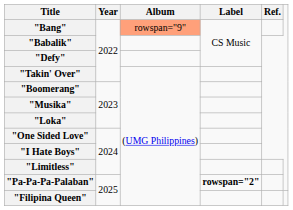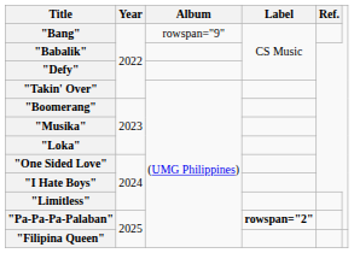 <table class="wikitable plainrowheaders" style="text-align:center;">
 <tr>
 <th scope="col" rowspan="1">Title</th>
 <th scope="col" rowspan="1">Year</th>
 <th scope="col" rowspan="1">Album</th>
 <th scope="col" rowspan="1">Label</th>
 <th scope="col" rowspan="1">Ref.</th>
 </tr>
 <tr>
 <th scope="row">"Bang"</th>
 <td rowspan="4">2022</td>
-<td style="background: lightsalmon;">rowspan="9"  </td>
+<td>rowspan="9"  </td>
 <td rowspan="3">CS Music</td>
 <td></td>
 </tr>
 <tr>
 <th scope="row">"Babalik"</th>
 <td></td>
 </tr>
 <tr>
 <th scope="row">"Defy"</th>
 <td></td>
 </tr>
 <tr>
 <th scope="row">"Takin' Over"</th>
 <td rowspan="9"><br>(<a href='#'>UMG Philippines</a>)</td>
 <td></td>
 </tr>
 <tr>
 <th scope="row">"Boomerang"</th>
 <td rowspan="3">2023</td>
 <td></td>
 </tr>
 <tr>
 <th scope="row">"Musika"</th>
 <td></td>
 </tr>
 <tr>
 <th scope="row">"Loka"</th>
 <td></td>
 </tr>
 <tr>
 <th scope="row">"One Sided Love"</th>
 <td rowspan="3">2024</td>
 <td></td>
 </tr>
 <tr>
 <th scope="row">"I Hate Boys"</th>
 <td></td>
 </tr>
 <tr>
 <th scope="row">"Limitless"</th>
 <td></td>
 <td></td>
 </tr>
 <tr>
 <th scope="row">"Pa-Pa-Pa-Palaban"</th>
 <td rowspan="2">2025</td>
 <td><strong>rowspan="2"  </strong></td>
 <td></td>
 </tr>
 <tr>
 <th scope="row">"Filipina Queen"</th>
 <td></td>
 <td></td>
 <td></td>
 </tr>
 </table>
